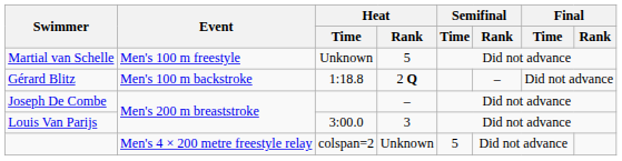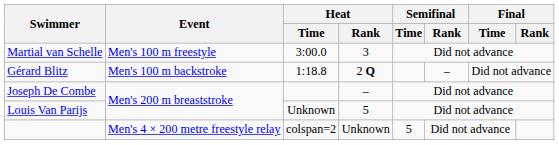 <table class=wikitable style=text-align:center>
 <tr>
 <th rowspan=2>Swimmer</th>
 <th rowspan=2>Event</th>
 <th colspan=2>Heat</th>
 <th colspan=2>Semifinal</th>
 <th colspan=2>Final</th>
 </tr>
 <tr>
 <th>Time</th>
 <th>Rank</th>
 <th>Time</th>
 <th>Rank</th>
 <th>Time</th>
 <th>Rank</th>
 </tr>
 <tr>
 <td align=left><a href='#'>Martial van Schelle</a></td>
 <td align=left><a href='#'>Men's 100 m freestyle</a></td>
-<td>Unknown</td>
-<td>5</td>
+<td>3:00.0</td>
+<td>3</td>
 <td colspan=4>Did not advance</td>
 </tr>
 <tr>
 <td align=left><a href='#'>Gérard Blitz</a></td>
 <td align=left><a href='#'>Men's 100 m backstroke</a></td>
 <td>1:18.8</td>
 <td>2 <strong>Q</strong></td>
 <td></td>
 <td>–</td>
 <td colspan=2>Did not advance</td>
 </tr>
 <tr>
 <td align=left><a href='#'>Joseph De Combe</a></td>
 <td align=left rowspan=2><a href='#'>Men's 200 m breaststroke</a></td>
 <td></td>
 <td>–</td>
 <td colspan=4>Did not advance</td>
 </tr>
 <tr>
 <td align=left><a href='#'>Louis Van Parijs</a></td>
-<td>3:00.0</td>
-<td>3</td>
+<td>Unknown</td>
+<td>5</td>
 <td colspan=4>Did not advance</td>
 </tr>
 <tr>
 <td align=left></td>
 <td align=left><a href='#'>Men's 4 × 200 metre freestyle relay</a></td>
 <td>colspan=2 </td>
 <td>Unknown</td>
 <td>5</td>
 <td colspan=2>Did not advance</td>
 </tr>
 </table>
